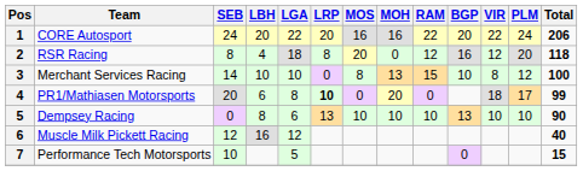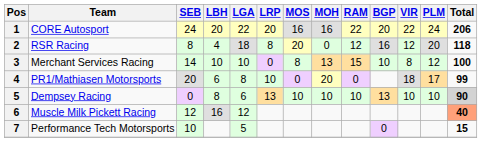 <table class="wikitable" style="font-size: 90%; text-align:center;">
 <tr>
 <th>Pos</th>
 <th>Team</th>
 <th><a href='#'>SEB</a></th>
 <th><a href='#'>LBH</a></th>
 <th><a href='#'>LGA</a></th>
 <th><a href='#'>LRP</a></th>
 <th><a href='#'>MOS</a></th>
 <th><a href='#'>MOH</a></th>
 <th><a href='#'>RAM</a></th>
 <th><a href='#'>BGP</a></th>
 <th><a href='#'>VIR</a></th>
 <th><a href='#'>PLM</a></th>
 <th>Total</th>
 </tr>
 <tr>
 <th>1</th>
 <td align=left> <a href='#'>CORE Autosport</a></td>
 <td style="background:#FFFFBF;”">24</td>
 <td style="background:#FFFFBF;”">20</td>
 <td style="background:#FFFFBF;”">22</td>
 <td style="background:#FFFFBF;”">20</td>
 <td style="background:#DFDFDF;”">16</td>
 <td style="background:#DFDFDF;”">16</td>
 <td style="background:#FFFFBF;”">22</td>
 <td style="background:#FFFFBF;”">20</td>
 <td style="background:#FFFFBF;”">22</td>
 <td style="background:#FFFFBF;”">24</td>
 <td><strong>206</strong></td>
 </tr>
 <tr>
 <th>2</th>
 <td align=left> <a href='#'>RSR Racing</a></td>
 <td style="background:#DFFFDF;">8</td>
 <td style="background:#DFFFDF;">4</td>
 <td style="background:#DFDFDF;”">18</td>
 <td style="background:#DFFFDF;">8</td>
 <td style="background:#FFFFBF;”">20</td>
 <td style="background:#DFFFDF;">0</td>
 <td style="background:#DFFFDF;">12</td>
 <td style="background:#DFDFDF;”">16</td>
 <td style="background:#DFFFDF;">12</td>
 <td style="background:#DFDFDF;”">20</td>
 <td><strong>118</strong></td>
 </tr>
 <tr>
 <th>3</th>
 <td align=left> Merchant Services Racing</td>
 <td style="background:#DFFFDF;">14</td>
 <td style="background:#DFFFDF;">10</td>
 <td style="background:#DFFFDF;">10</td>
 <td style="background:#EFCFFF;">0</td>
 <td style="background:#DFFFDF;">8</td>
 <td style="background:#FFDF9F;”">13</td>
 <td style="background:#FFDF9F;”">15</td>
 <td style="background:#DFFFDF;">10</td>
 <td style="background:#DFFFDF;">8</td>
 <td style="background:#DFFFDF;">12</td>
 <td><strong>100</strong></td>
 </tr>
 <tr>
 <th>4</th>
 <td align=left> <a href='#'>PR1/Mathiasen Motorsports</a></td>
 <td style="background:#DFDFDF;">20</td>
 <td style="background:#DFFFDF;">6</td>
 <td style="background:#DFFFDF;">8</td>
-<td style="background:#DFFFDF;"><strong>10</strong></td>
+<td style="background:#DFFFDF;">10</td>
 <td style="background:#EFCFFF;">0</td>
 <td style="background:#FFFFBF;”">20</td>
 <td style="background:#EFCFFF;">0</td>
 <td></td>
 <td style="background:#DFDFDF;">18</td>
 <td style="background:#FFDF9F;”">17</td>
 <td><strong>99</strong></td>
 </tr>
 <tr>
 <th>5</th>
 <td align=left> <a href='#'>Dempsey Racing</a></td>
 <td style="background:#EFCFFF;">0</td>
 <td style="background:#DFFFDF;">8</td>
 <td style="background:#DFFFDF;">6</td>
 <td style="background:#FFDF9F;”">13</td>
 <td style="background:#DFFFDF;">10</td>
 <td style="background:#DFFFDF;">10</td>
 <td style="background:#DFFFDF;">10</td>
 <td style="background:#FFDF9F;”">13</td>
 <td style="background:#DFFFDF;">10</td>
 <td style="background:#DFFFDF;">10</td>
-<td><strong>90</strong></td>
+<td style="background: lightgrey;"><strong>90</strong></td>
 </tr>
 <tr>
 <th>6</th>
 <td align=left> <a href='#'>Muscle Milk Pickett Racing</a></td>
 <td style="background:#DFFFDF;">12</td>
 <td style="background:#DFDFDF;">16</td>
 <td style="background:#DFFFDF;">12</td>
 <td></td>
 <td></td>
 <td></td>
 <td></td>
 <td></td>
 <td></td>
 <td></td>
-<td><strong>40</strong></td>
+<td style="background: lightsalmon;"><strong>40</strong></td>
 </tr>
 <tr>
 <th>7</th>
 <td align=left> Performance Tech Motorsports</td>
 <td style="background:#DFFFDF;">10</td>
 <td></td>
 <td style="background:#DFFFDF;">5</td>
 <td></td>
 <td></td>
 <td></td>
 <td></td>
 <td style="background:#EFCFFF;">0</td>
 <td></td>
 <td></td>
 <td><strong>15</strong></td>
 </tr>
 <tr>
 </tr>
 </table>
